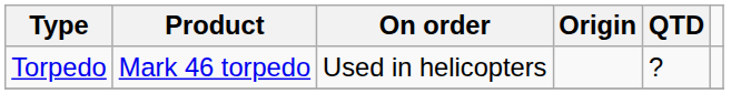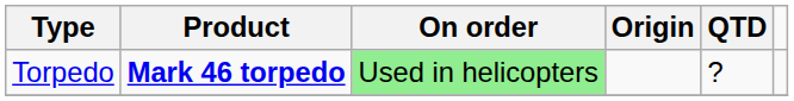 <table |  class="wikitable"  style="font-size:100%;">
 <tr>
 <th style="text-align: center;">Type</th>
 <th style="text-align: center;">Product</th>
 <th style="text-align: center;">On order</th>
 <th style="text-align: center;">Origin</th>
 <th style="text-align: center;">QTD</th>
 </tr>
 <tr>
 <td><a href='#'>Torpedo</a></td>
-<td><a href='#'>Mark 46 torpedo</a></td>
-<td>Used in helicopters</td>
+<td><strong><a href='#'>Mark 46 torpedo</a></strong></td>
+<td style="background: lightgreen;">Used in helicopters</td>
 <td></td>
 <td>?</td>
 <td></td>
 </tr>
 <tr>
 </tr>
 <tr>
 </tr>
 </table>
